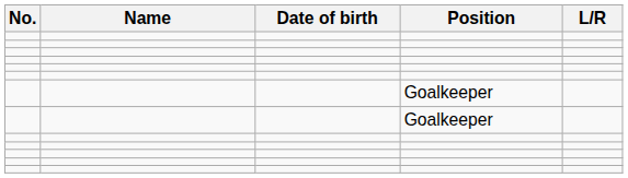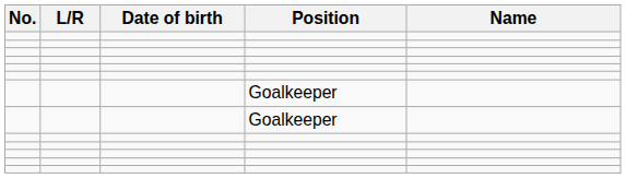 <table class="wikitable sortable" style=font-size:100%; text-align:center;>
 <tr>
 <th>No.</th>
-<th style=width:12em>Name</th>
+<th style=width:3em>L/R</th>
 <th style=width:8em>Date of birth</th>
 <th style=width:9em>Position</th>
-<th style=width:3em>L/R</th>
+<th style=width:12em>Name</th>
 </tr>
 <tr>
 <td></td>
-<td align=left></td>
+<td></td>
 <td align=right></td>
 <td></td>
-<td></td>
+<td align=left></td>
 </tr>
 <tr>
 <td></td>
-<td align=left></td>
+<td></td>
 <td align=right></td>
 <td></td>
-<td></td>
+<td align=left></td>
 </tr>
 <tr>
 <td></td>
-<td align=left></td>
+<td></td>
 <td align=right></td>
 <td></td>
-<td></td>
+<td align=left></td>
 </tr>
 <tr>
 <td></td>
-<td align=left></td>
+<td></td>
 <td align=right></td>
 <td></td>
-<td></td>
+<td align=left></td>
 </tr>
 <tr>
 <td></td>
-<td align=left></td>
+<td></td>
 <td align=right></td>
 <td></td>
-<td></td>
+<td align=left></td>
 </tr>
 <tr>
 <td></td>
-<td align=left></td>
+<td></td>
 <td align=right></td>
 <td></td>
-<td></td>
+<td align=left></td>
 </tr>
 <tr>
 <td></td>
-<td align=left></td>
+<td></td>
 <td align=right></td>
 <td>Goalkeeper</td>
-<td></td>
+<td align=left></td>
 </tr>
 <tr>
 <td></td>
-<td align=left></td>
+<td></td>
 <td align=right></td>
 <td>Goalkeeper</td>
-<td></td>
+<td align=left></td>
 </tr>
 <tr>
 <td></td>
-<td align=left></td>
+<td></td>
 <td align=right></td>
 <td></td>
-<td></td>
+<td align=left></td>
 </tr>
 <tr>
 <td></td>
-<td align=left></td>
+<td></td>
 <td align=right></td>
 <td></td>
-<td></td>
+<td align=left></td>
 </tr>
 <tr>
 <td></td>
-<td align=left></td>
+<td></td>
 <td align=right></td>
 <td></td>
-<td></td>
+<td align=left></td>
 </tr>
 <tr>
 <td></td>
-<td align=left></td>
+<td></td>
 <td align=right></td>
 <td></td>
-<td></td>
+<td align=left></td>
 </tr>
 <tr>
 <td></td>
-<td align=left></td>
+<td></td>
 <td align=right></td>
 <td></td>
-<td></td>
+<td align=left></td>
 </tr>
 </table>
